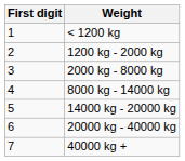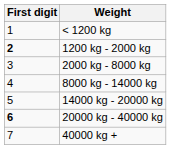 <table class="wikitable">
 <tr>
 <th>First digit</th>
 <th>Weight</th>
 </tr>
 <tr>
 <td>1</td>
 <td>< 1200 kg</td>
 </tr>
 <tr>
-<td>2</td>
+<td><strong>2</strong></td>
 <td>1200 kg - 2000 kg</td>
 </tr>
 <tr>
 <td>3</td>
 <td>2000 kg - 8000 kg</td>
 </tr>
 <tr>
 <td>4</td>
 <td>8000 kg - 14000 kg</td>
 </tr>
 <tr>
 <td>5</td>
 <td>14000 kg - 20000 kg</td>
 </tr>
 <tr>
-<td>6</td>
+<td><strong>6</strong></td>
 <td>20000 kg - 40000 kg</td>
 </tr>
 <tr>
 <td>7</td>
 <td>40000 kg +</td>
 </tr>
 </table>
